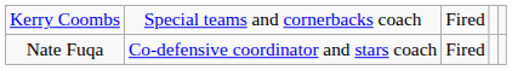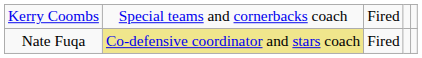 <table class="wikitable sortable sortable" style="text-align: center">
 <tr>
 <td><a href='#'>Kerry Coombs</a></td>
 <td><a href='#'>Special teams</a> and <a href='#'>cornerbacks</a> coach</td>
 <td>Fired</td>
 <td></td>
 <td></td>
 </tr>
 <tr>
 <td>Nate Fuqa</td>
-<td><a href='#'>Co-defensive coordinator</a> and <a href='#'>stars</a> coach</td>
+<td style="background: khaki;"><a href='#'>Co-defensive coordinator</a> and <a href='#'>stars</a> coach</td>
 <td>Fired</td>
 <td></td>
 <td></td>
 </tr>
 </table>
